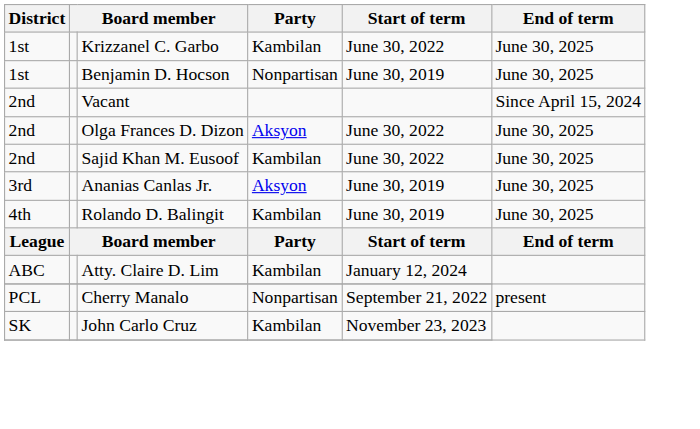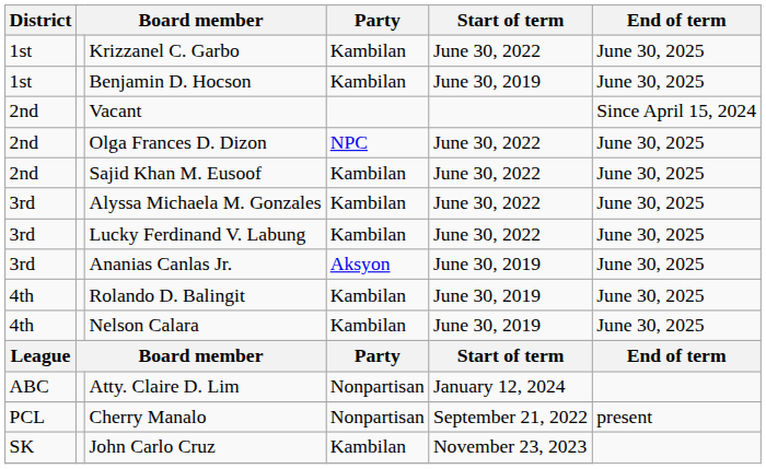 <table class="wikitable">
 <tr>
 <th>District</th>
 <th colspan="2">Board member</th>
 <th>Party</th>
 <th>Start of term</th>
 <th>End of term</th>
 </tr>
 <tr>
 <td>1st</td>
 <td></td>
 <td>Krizzanel C. Garbo</td>
 <td>Kambilan</td>
 <td>June 30, 2022</td>
 <td>June 30, 2025</td>
 </tr>
 <tr>
 <td>1st</td>
 <td></td>
 <td>Benjamin D. Hocson</td>
-<td>Nonpartisan</td>
+<td>Kambilan</td>
 <td>June 30, 2019</td>
 <td>June 30, 2025</td>
 </tr>
 <tr>
 <td>2nd</td>
 <td></td>
 <td>Vacant</td>
 <td></td>
 <td></td>
 <td>Since April 15, 2024</td>
 </tr>
 <tr>
 <td>2nd</td>
 <td></td>
 <td>Olga Frances D. Dizon</td>
-<td><a href='#'>Aksyon</a></td>
+<td><a href='#'>NPC</a></td>
 <td>June 30, 2022</td>
 <td>June 30, 2025</td>
 </tr>
 <tr>
 <td>2nd</td>
 <td></td>
 <td>Sajid Khan M. Eusoof</td>
+<td>Kambilan</td>
+<td>June 30, 2022</td>
+<td>June 30, 2025</td>
+</tr>
+<tr>
+<td>3rd</td>
+<td></td>
+<td>Alyssa Michaela M. Gonzales</td>
+<td>Kambilan</td>
+<td>June 30, 2022</td>
+<td>June 30, 2025</td>
+</tr>
+<tr>
+<td>3rd</td>
+<td></td>
+<td>Lucky Ferdinand V. Labung</td>
 <td>Kambilan</td>
 <td>June 30, 2022</td>
 <td>June 30, 2025</td>
 </tr>
 <tr>
 <td>3rd</td>
 <td></td>
 <td>Ananias Canlas Jr.</td>
 <td><a href='#'>Aksyon</a></td>
 <td>June 30, 2019</td>
 <td>June 30, 2025</td>
 </tr>
 <tr>
 <td>4th</td>
 <td></td>
 <td>Rolando D. Balingit</td>
 <td>Kambilan</td>
 <td>June 30, 2019</td>
 <td>June 30, 2025</td>
 </tr>
 <tr>
+<td>4th</td>
+<td></td>
+<td>Nelson Calara</td>
+<td>Kambilan</td>
+<td>June 30, 2019</td>
+<td>June 30, 2025</td>
+</tr>
+<tr>
 <th>League</th>
 <th colspan="2">Board member</th>
 <th>Party</th>
 <th>Start of term</th>
 <th>End of term</th>
 </tr>
 <tr>
 <td>ABC</td>
 <td></td>
 <td>Atty. Claire D. Lim </td>
-<td>Kambilan</td>
+<td>Nonpartisan</td>
 <td>January 12, 2024</td>
 </tr>
 <tr>
 </tr>
 <tr>
 <td>PCL</td>
 <td></td>
 <td>Cherry Manalo</td>
 <td>Nonpartisan</td>
 <td>September 21, 2022</td>
 <td>present</td>
 </tr>
 <tr>
 <td>SK</td>
 <td></td>
 <td>John Carlo Cruz</td>
 <td>Kambilan</td>
 <td>November 23, 2023</td>
 </tr>
 <tr>
 </tr>
 </table>
